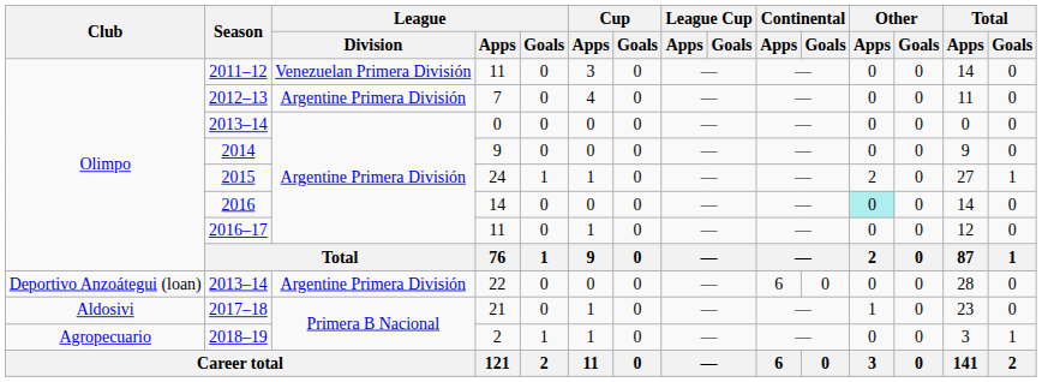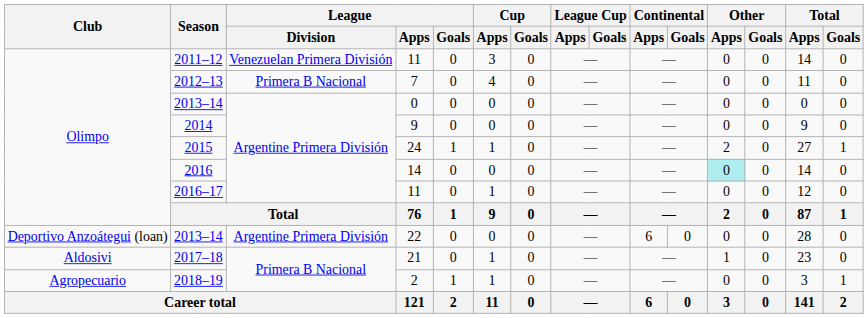 <table class="wikitable" style="text-align:center">
 <tr>
 <th rowspan="2">Club</th>
 <th rowspan="2">Season</th>
 <th colspan="3">League</th>
 <th colspan="2">Cup</th>
 <th colspan="2">League Cup</th>
 <th colspan="2">Continental</th>
 <th colspan="2">Other</th>
 <th colspan="2">Total</th>
 </tr>
 <tr>
 <th>Division</th>
 <th>Apps</th>
 <th>Goals</th>
 <th>Apps</th>
 <th>Goals</th>
 <th>Apps</th>
 <th>Goals</th>
 <th>Apps</th>
 <th>Goals</th>
 <th>Apps</th>
 <th>Goals</th>
 <th>Apps</th>
 <th>Goals</th>
 </tr>
 <tr>
 <td rowspan="8"><a href='#'>Olimpo</a></td>
 <td><a href='#'>2011–12</a></td>
 <td rowspan="1"><a href='#'>Venezuelan Primera División</a></td>
 <td>11</td>
 <td>0</td>
 <td>3</td>
 <td>0</td>
 <td colspan="2">—</td>
 <td colspan="2">—</td>
 <td>0</td>
 <td>0</td>
 <td>14</td>
 <td>0</td>
 </tr>
 <tr>
 <td><a href='#'>2012–13</a></td>
-<td rowspan="1"><a href='#'>Argentine Primera División</a></td>
+<td rowspan="1"><a href='#'>Primera B Nacional</a></td>
 <td>7</td>
 <td>0</td>
 <td>4</td>
 <td>0</td>
 <td colspan="2">—</td>
 <td colspan="2">—</td>
 <td>0</td>
 <td>0</td>
 <td>11</td>
 <td>0</td>
 </tr>
 <tr>
 <td><a href='#'>2013–14</a></td>
 <td rowspan="5"><a href='#'>Argentine Primera División</a></td>
 <td>0</td>
 <td>0</td>
 <td>0</td>
 <td>0</td>
 <td colspan="2">—</td>
 <td colspan="2">—</td>
 <td>0</td>
 <td>0</td>
 <td>0</td>
 <td>0</td>
 </tr>
 <tr>
 <td><a href='#'>2014</a></td>
 <td>9</td>
 <td>0</td>
 <td>0</td>
 <td>0</td>
 <td colspan="2">—</td>
 <td colspan="2">—</td>
 <td>0</td>
 <td>0</td>
 <td>9</td>
 <td>0</td>
 </tr>
 <tr>
 <td><a href='#'>2015</a></td>
 <td>24</td>
 <td>1</td>
 <td>1</td>
 <td>0</td>
 <td colspan="2">—</td>
 <td colspan="2">—</td>
 <td>2</td>
 <td>0</td>
 <td>27</td>
 <td>1</td>
 </tr>
 <tr>
 <td><a href='#'>2016</a></td>
 <td>14</td>
 <td>0</td>
 <td>0</td>
 <td>0</td>
 <td colspan="2">—</td>
 <td colspan="2">—</td>
 <td style="background: paleturquoise;">0</td>
 <td>0</td>
 <td>14</td>
 <td>0</td>
 </tr>
 <tr>
 <td><a href='#'>2016–17</a></td>
 <td>11</td>
 <td>0</td>
 <td>1</td>
 <td>0</td>
 <td colspan="2">—</td>
 <td colspan="2">—</td>
 <td>0</td>
 <td>0</td>
 <td>12</td>
 <td>0</td>
 </tr>
 <tr>
 <th colspan="2">Total</th>
 <th>76</th>
 <th>1</th>
 <th>9</th>
 <th>0</th>
 <th colspan="2">—</th>
 <th colspan="2">—</th>
 <th>2</th>
 <th>0</th>
 <th>87</th>
 <th>1</th>
 </tr>
 <tr>
 <td rowspan="1"><a href='#'>Deportivo Anzoátegui</a> (loan)</td>
 <td><a href='#'>2013–14</a></td>
 <td rowspan="1"><a href='#'>Argentine Primera División</a></td>
 <td>22</td>
 <td>0</td>
 <td>0</td>
 <td>0</td>
 <td colspan="2">—</td>
 <td>6</td>
 <td>0</td>
 <td>0</td>
 <td>0</td>
 <td>28</td>
 <td>0</td>
 </tr>
 <tr>
 <td rowspan="1"><a href='#'>Aldosivi</a></td>
 <td><a href='#'>2017–18</a></td>
 <td rowspan="2"><a href='#'>Primera B Nacional</a></td>
 <td>21</td>
 <td>0</td>
 <td>1</td>
 <td>0</td>
 <td colspan="2">—</td>
 <td colspan="2">—</td>
 <td>1</td>
 <td>0</td>
 <td>23</td>
 <td>0</td>
 </tr>
 <tr>
 <td rowspan="1"><a href='#'>Agropecuario</a></td>
 <td><a href='#'>2018–19</a></td>
 <td>2</td>
 <td>1</td>
 <td>1</td>
 <td>0</td>
 <td colspan="2">—</td>
 <td colspan="2">—</td>
 <td>0</td>
 <td>0</td>
 <td>3</td>
 <td>1</td>
 </tr>
 <tr>
 <th colspan="3">Career total</th>
 <th>121</th>
 <th>2</th>
 <th>11</th>
 <th>0</th>
 <th colspan="2">—</th>
 <th>6</th>
 <th>0</th>
 <th>3</th>
 <th>0</th>
 <th>141</th>
 <th>2</th>
 </tr>
 </table>
